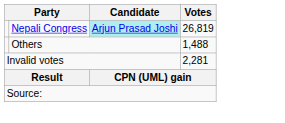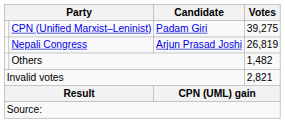 <table class="wikitable">
 <tr>
 <th colspan="2">Party</th>
 <th>Candidate</th>
 <th>Votes</th>
 </tr>
 <tr>
 <td style="background-color:"></td>
+<td><a href='#'>CPN (Unified Marxist–Leninist)</a></td>
+<td><a href='#'>Padam Giri</a></td>
+<td>39,275</td>
+</tr>
+<tr>
+<td style="background-color:"></td>
 <td><a href='#'>Nepali Congress</a></td>
-<td style="background: paleturquoise;"><a href='#'>Arjun Prasad Joshi</a></td>
+<td><a href='#'>Arjun Prasad Joshi</a></td>
 <td>26,819</td>
 </tr>
 <tr>
 <td></td>
 <td colspan="2">Others</td>
-<td>1,488</td>
+<td>1,482</td>
 </tr>
 <tr>
 <td colspan="3">Invalid votes</td>
-<td>2,281</td>
+<td>2,821</td>
 </tr>
 <tr>
 <th colspan="2">Result</th>
 <th colspan="2">CPN (UML) gain</th>
 </tr>
 <tr>
 <td colspan="4">Source: </td>
 </tr>
 </table>
